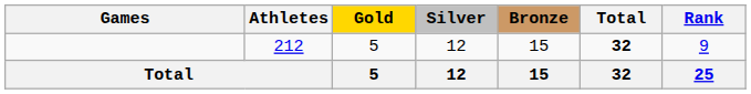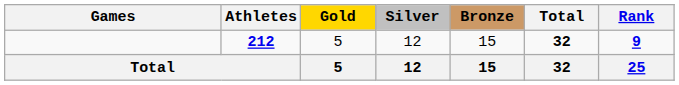 <table class="wikitable" style="text-align:center; font-size:90%;">
 <tr>
 <th style="width:14em;">Games</th>
 <th>Athletes</th>
 <td style="background:gold; width:4.5em; font-weight:bold;">Gold</td>
 <td style="background:silver; width:4.5em; font-weight:bold;">Silver</td>
 <td style="background:#cc9966; width:4.5em; font-weight:bold;">Bronze</td>
 <th style="width:4.5em; font-weight:bold;">Total</th>
 <th style="width:4.5em; font-weight:bold;"><a href='#'>Rank</a></th>
 </tr>
 <tr>
 <td align=left></td>
-<td><a href='#'>212</a></td>
+<td><strong><a href='#'>212</a></strong></td>
 <td>5</td>
 <td>12</td>
 <td>15</td>
 <td><strong>32</strong></td>
-<td><a href='#'>9</a></td>
+<td><strong><a href='#'>9</a></strong></td>
 </tr>
 <tr>
 <th colspan=2>Total</th>
 <th>5</th>
 <th>12</th>
 <th>15</th>
 <th>32</th>
 <th><a href='#'>25</a></th>
 </tr>
 </table>
